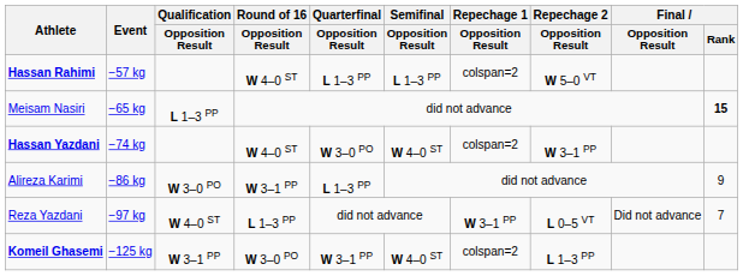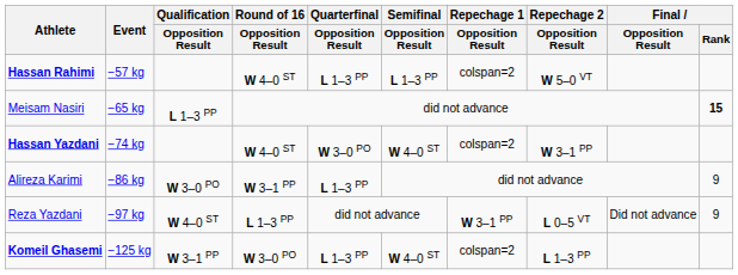 <table class="wikitable" style="font-size:90%">
 <tr>
 <th rowspan=2>Athlete</th>
 <th rowspan=2>Event</th>
 <th>Qualification</th>
 <th>Round of 16</th>
 <th>Quarterfinal</th>
 <th>Semifinal</th>
 <th>Repechage 1</th>
 <th>Repechage 2</th>
 <th colspan=2>Final / </th>
 </tr>
 <tr style="font-size: 95%">
 <th>Opposition<br>Result</th>
 <th>Opposition<br>Result</th>
 <th>Opposition<br>Result</th>
 <th>Opposition<br>Result</th>
 <th>Opposition<br>Result</th>
 <th>Opposition<br>Result</th>
 <th>Opposition<br>Result</th>
 <th>Rank</th>
 </tr>
 <tr align=center>
 <td align=left><strong><a href='#'>Hassan Rahimi</a></strong></td>
 <td align=left><a href='#'>−57 kg</a></td>
 <td></td>
 <td><br><strong>W</strong> 4–0 <sup>ST</sup></td>
 <td><br><strong>L</strong> 1–3 <sup>PP</sup></td>
 <td><br><strong>L</strong> 1–3 <sup>PP</sup></td>
 <td>colspan=2 </td>
 <td><br><strong>W</strong> 5–0 <sup>VT</sup></td>
 <td></td>
 </tr>
 <tr align=center>
 <td align=left><a href='#'>Meisam Nasiri</a></td>
 <td align=left><a href='#'>−65 kg</a></td>
 <td><br><strong>L</strong> 1–3 <sup>PP</sup></td>
 <td colspan=6>did not advance</td>
 <td><strong>15</strong></td>
 </tr>
 <tr align=center>
 <td align=left><strong><a href='#'>Hassan Yazdani</a></strong></td>
 <td align=left><a href='#'>−74 kg</a></td>
 <td></td>
 <td><br><strong>W</strong> 4–0 <sup>ST</sup></td>
 <td><br><strong>W</strong> 3–0 <sup>PO</sup></td>
 <td><br><strong>W</strong> 4–0 <sup>ST</sup></td>
 <td>colspan=2 </td>
 <td><br><strong>W</strong> 3–1 <sup>PP</sup></td>
 <td></td>
 </tr>
 <tr align=center>
 <td align=left><a href='#'>Alireza Karimi</a></td>
 <td align=left><a href='#'>−86 kg</a></td>
 <td><br><strong>W</strong> 3–0 <sup>PO</sup></td>
 <td><br><strong>W</strong> 3–1 <sup>PP</sup></td>
 <td><br><strong>L</strong> 1–3 <sup>PP</sup></td>
 <td colspan=4>did not advance</td>
 <td>9</td>
 </tr>
 <tr align=center>
 <td align=left><a href='#'>Reza Yazdani</a></td>
 <td align=left><a href='#'>−97 kg</a></td>
 <td><br><strong>W</strong> 4–0 <sup>ST</sup></td>
 <td><br><strong>L</strong> 1–3 <sup>PP</sup></td>
 <td colspan=2>did not advance</td>
 <td><br><strong>W</strong> 3–1 <sup>PP</sup></td>
 <td><br><strong>L</strong> 0–5 <sup>VT</sup></td>
 <td>Did not advance</td>
-<td>7</td>
+<td>9</td>
 </tr>
 <tr align=center>
 <td align=left><strong><a href='#'>Komeil Ghasemi</a></strong></td>
 <td align=left><a href='#'>−125 kg</a></td>
 <td><br><strong>W</strong> 3–1 <sup>PP</sup></td>
 <td><br><strong>W</strong> 3–0 <sup>PO</sup></td>
-<td><br><strong>W</strong> 3–1 <sup>PP</sup></td>
+<td><br><strong>L</strong> 1–3 <sup>PP</sup></td>
 <td><br><strong>W</strong> 4–0 <sup>ST</sup></td>
 <td>colspan=2 </td>
 <td><br><strong>L</strong> 1–3 <sup>PP</sup></td>
 <td></td>
 </tr>
 </table>
